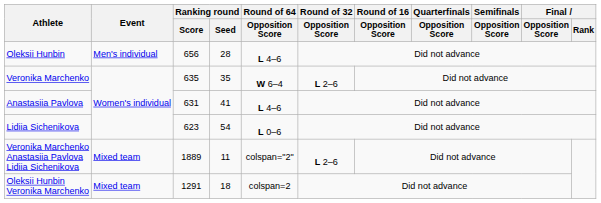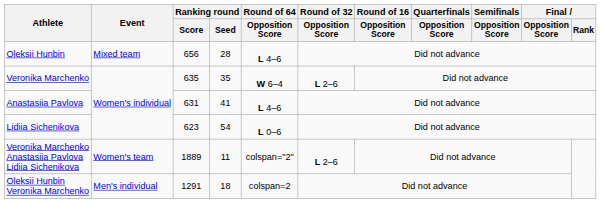 <table class="wikitable" style="font-size:90%; text-align:center">
 <tr>
 <th rowspan=2>Athlete</th>
 <th rowspan=2>Event</th>
 <th colspan="2">Ranking round</th>
 <th>Round of 64</th>
 <th>Round of 32</th>
 <th>Round of 16</th>
 <th>Quarterfinals</th>
 <th>Semifinals</th>
 <th colspan="2">Final / </th>
 </tr>
 <tr style="font-size:95%">
 <th>Score</th>
 <th>Seed</th>
 <th>Opposition<br>Score</th>
 <th>Opposition<br>Score</th>
 <th>Opposition<br>Score</th>
 <th>Opposition<br>Score</th>
 <th>Opposition<br>Score</th>
 <th>Opposition<br>Score</th>
 <th>Rank</th>
 </tr>
 <tr align=center>
 <td align=left><a href='#'>Oleksii Hunbin</a></td>
-<td align=left><a href='#'>Men's individual</a></td>
+<td align="left"><a href='#'>Mixed team</a></td>
 <td>656</td>
 <td>28</td>
 <td><br><strong>L</strong> 4–6</td>
 <td colspan=6>Did not advance</td>
 </tr>
 <tr align=center>
 <td align=left><a href='#'>Veronika Marchenko</a></td>
 <td align=left rowspan=3><a href='#'>Women's individual</a></td>
 <td>635</td>
 <td>35</td>
 <td><br><strong>W</strong> 6–4</td>
 <td><br><strong>L</strong> 2–6</td>
 <td colspan=5>Did not advance</td>
 </tr>
 <tr align=center>
 <td align=left><a href='#'>Anastasiia Pavlova</a></td>
 <td>631</td>
 <td>41</td>
 <td><br><strong>L</strong> 4–6</td>
 <td colspan=6>Did not advance</td>
 </tr>
 <tr align=center>
 <td align=left><a href='#'>Lidiia Sichenikova</a></td>
 <td>623</td>
 <td>54</td>
 <td><br><strong>L</strong> 0–6</td>
 <td colspan=6>Did not advance</td>
 </tr>
 <tr align=center>
 <td align=left><a href='#'>Veronika Marchenko</a><br><a href='#'>Anastasiia Pavlova</a><br><a href='#'>Lidiia Sichenikova</a></td>
-<td align="left"><a href='#'>Mixed team</a></td>
+<td align=left><a href='#'>Women's team</a></td>
 <td>1889</td>
 <td>11</td>
 <td>colspan="2" </td>
 <td><br><strong>L</strong> 2–6</td>
 <td colspan=4>Did not advance</td>
 </tr>
 <tr>
 <td align="left"><a href='#'>Oleksii Hunbin</a><br><a href='#'>Veronika Marchenko</a></td>
-<td align="left"><a href='#'>Mixed team</a></td>
+<td align=left><a href='#'>Men's individual</a></td>
 <td>1291</td>
 <td>18</td>
 <td>colspan=2 </td>
 <td colspan=5>Did not advance</td>
 </tr>
 </table>
